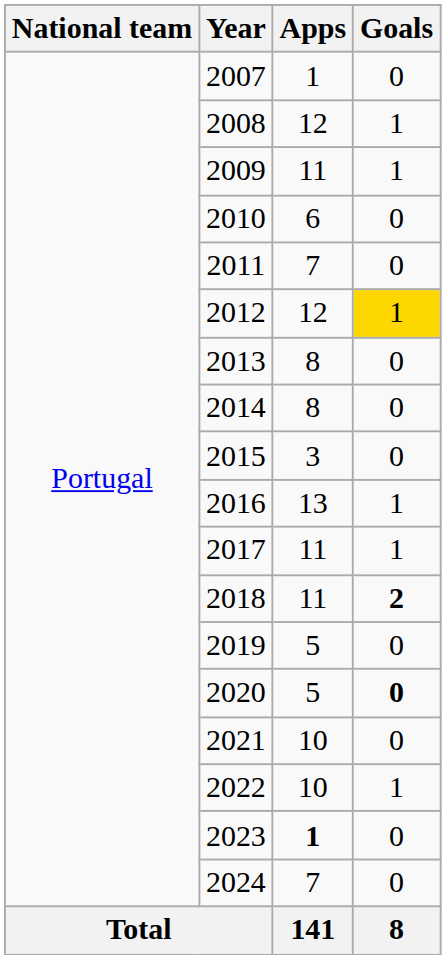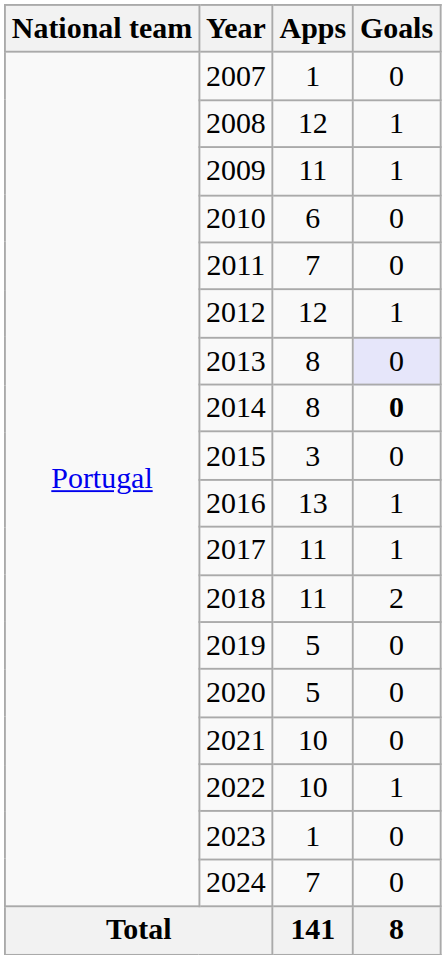 <table class="wikitable" style="text-align:center">
 <tr>
 <th>National team</th>
 <th>Year</th>
 <th>Apps</th>
 <th>Goals</th>
 </tr>
 <tr>
 <td rowspan="18"><a href='#'>Portugal</a></td>
 <td>2007</td>
 <td>1</td>
 <td>0</td>
 </tr>
 <tr>
 <td>2008</td>
 <td>12</td>
 <td>1</td>
 </tr>
 <tr>
 <td>2009</td>
 <td>11</td>
 <td>1</td>
 </tr>
 <tr>
 <td>2010</td>
 <td>6</td>
 <td>0</td>
 </tr>
 <tr>
 <td>2011</td>
 <td>7</td>
 <td>0</td>
 </tr>
 <tr>
 <td>2012</td>
 <td>12</td>
-<td style="background: gold;">1</td>
+<td>1</td>
 </tr>
 <tr>
 <td>2013</td>
 <td>8</td>
-<td>0</td>
+<td style="background: lavender;">0</td>
 </tr>
 <tr>
 <td>2014</td>
 <td>8</td>
-<td>0</td>
+<td><strong>0</strong></td>
 </tr>
 <tr>
 <td>2015</td>
 <td>3</td>
 <td>0</td>
 </tr>
 <tr>
 <td>2016</td>
 <td>13</td>
 <td>1</td>
 </tr>
 <tr>
 <td>2017</td>
 <td>11</td>
 <td>1</td>
 </tr>
 <tr>
 <td>2018</td>
 <td>11</td>
-<td><strong>2</strong></td>
+<td>2</td>
 </tr>
 <tr>
 <td>2019</td>
 <td>5</td>
 <td>0</td>
 </tr>
 <tr>
 <td>2020</td>
 <td>5</td>
-<td><strong>0</strong></td>
+<td>0</td>
 </tr>
 <tr>
 <td>2021</td>
 <td>10</td>
 <td>0</td>
 </tr>
 <tr>
 <td>2022</td>
 <td>10</td>
 <td>1</td>
 </tr>
 <tr>
 <td>2023</td>
-<td><strong>1</strong></td>
+<td>1</td>
 <td>0</td>
 </tr>
 <tr>
 <td>2024</td>
 <td>7</td>
 <td>0</td>
 </tr>
 <tr>
 <th colspan="2">Total</th>
 <th>141</th>
 <th>8</th>
 </tr>
 </table>
